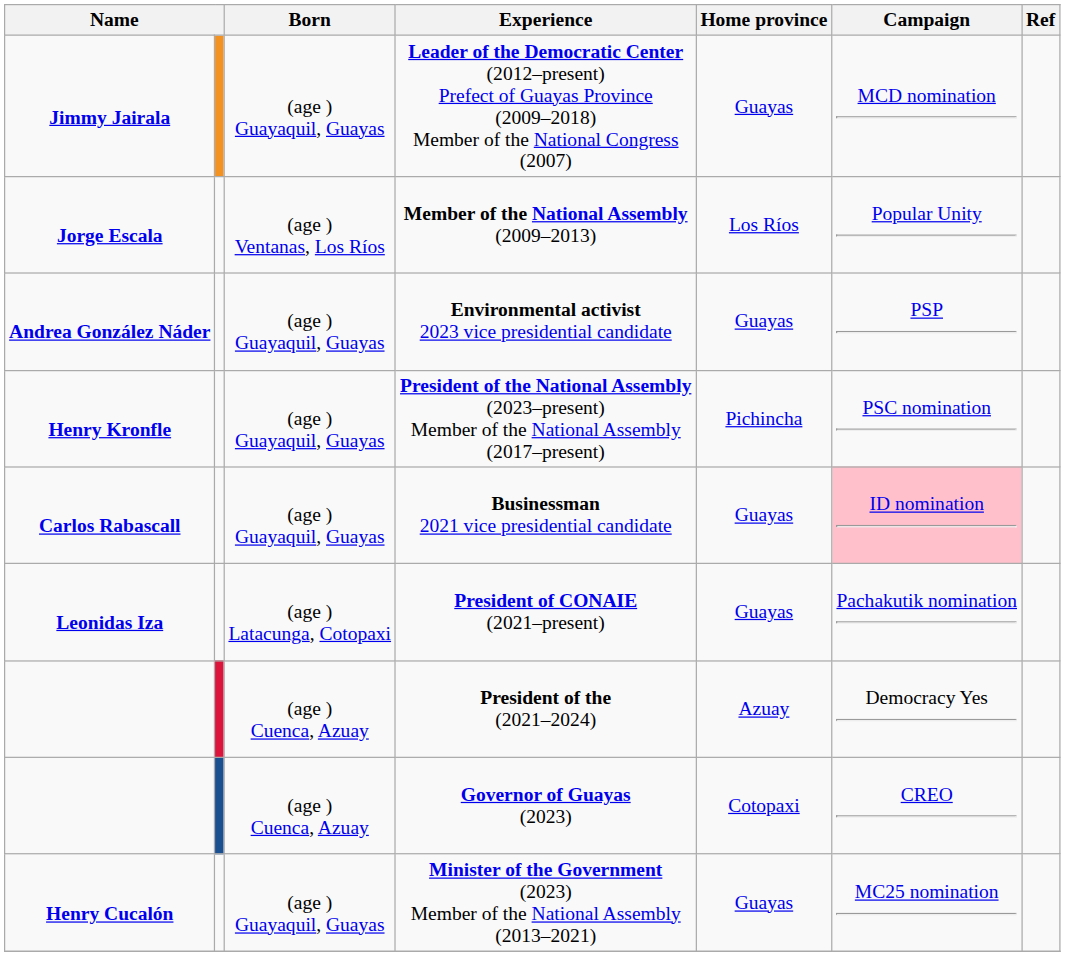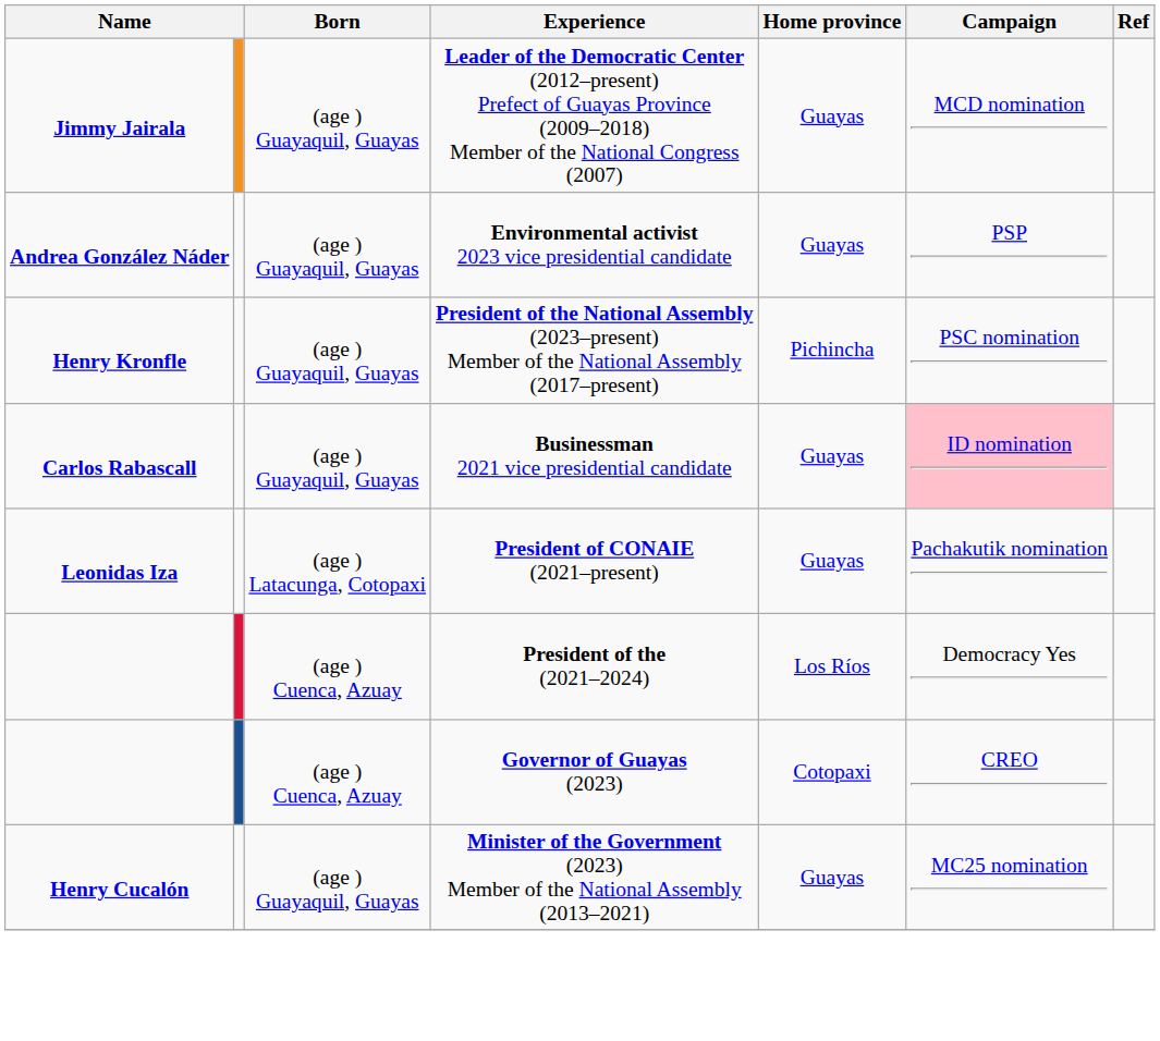 <table class="wikitable sortable" style="text-align:center;">
 <tr>
 <th scope="col" colspan=2>Name</th>
 <th>Born</th>
 <th class="unsortable">Experience</th>
 <th>Home province</th>
 <th>Campaign</th>
 <th>Ref</th>
 </tr>
 <tr>
 <td data-sort-value="Jairala, Jimmy"><br><strong><a href='#'>Jimmy Jairala</a></strong></td>
 <td style="background:#F39220;"></td>
 <td><br>(age )<br><a href='#'>Guayaquil</a>, <a href='#'>Guayas</a></td>
 <td><strong><a href='#'>Leader of the Democratic Center</a></strong><br>(2012–present)<br><a href='#'>Prefect of Guayas Province</a><br>(2009–2018)<br>Member of the <a href='#'>National Congress</a><br>(2007)</td>
 <td> <a href='#'>Guayas</a></td>
 <td><br> <a href='#'>MCD nomination</a><hr><br></td>
-<td></td>
-</tr>
-<tr>
-<td data-sort-value="Escala, Jorge"><br><strong><a href='#'>Jorge Escala</a></strong></td>
-<td style="background:"></td>
-<td><br>(age )<br><a href='#'>Ventanas</a>, <a href='#'>Los Ríos</a></td>
-<td><strong>Member of the <a href='#'>National Assembly</a></strong><br>(2009–2013)</td>
-<td> <a href='#'>Los Ríos</a></td>
-<td><br> <a href='#'>Popular Unity</a><hr><br></td>
 <td></td>
 </tr>
 <tr>
 <td data-sort-value="Gonzalez Nader, Andrea"><br><strong><a href='#'>Andrea González Náder</a></strong></td>
 <td style="background:"></td>
 <td><br>(age )<br><a href='#'>Guayaquil</a>, <a href='#'>Guayas</a></td>
 <td><strong>Environmental activist</strong><br><a href='#'>2023 vice presidential candidate</a></td>
 <td> <a href='#'>Guayas</a></td>
 <td><br> <a href='#'>PSP</a><hr><br></td>
 <td></td>
 </tr>
 <tr>
 <td data-sort-value="Kronfle, Henry"><br><strong><a href='#'>Henry Kronfle</a></strong></td>
 <td style="background:"></td>
 <td><br>(age )<br><a href='#'>Guayaquil</a>, <a href='#'>Guayas</a></td>
 <td><strong><a href='#'>President of the National Assembly</a></strong><br>(2023–present)<br>Member of the <a href='#'>National Assembly</a><br>(2017–present)</td>
 <td> <a href='#'>Pichincha</a></td>
 <td><br> <a href='#'>PSC nomination</a><hr><br></td>
 <td></td>
 </tr>
 <tr>
 <td data-sort-value="Rabascall, Carlos"><br><strong><a href='#'>Carlos Rabascall</a></strong></td>
 <td style="background:"></td>
 <td><br>(age )<br><a href='#'>Guayaquil</a>, <a href='#'>Guayas</a></td>
 <td><strong>Businessman</strong><br><a href='#'>2021 vice presidential candidate</a></td>
 <td> <a href='#'>Guayas</a></td>
 <td style="background: pink;"><br> <a href='#'>ID nomination</a><hr><br></td>
 <td></td>
 </tr>
 <tr>
 <td data-sort-value="Iza, Leonidas"><br><strong><a href='#'>Leonidas Iza</a></strong></td>
 <td style="background:"></td>
 <td><br>(age )<br><a href='#'>Latacunga</a>, <a href='#'>Cotopaxi</a></td>
 <td><strong><a href='#'>President of CONAIE</a></strong><br>(2021–present)</td>
 <td> <a href='#'>Guayas</a></td>
 <td><br> <a href='#'>Pachakutik nomination</a><hr><br></td>
 <td></td>
 </tr>
 <tr>
 <td data-sort-value="Saquicela, Iván"><br><strong></strong></td>
 <td style="background:#DC143C;"></td>
 <td><br>(age )<br><a href='#'>Cuenca</a>, <a href='#'>Azuay</a></td>
 <td><strong>President of the </strong> <br>(2021–2024)</td>
-<td> <a href='#'>Azuay</a></td>
+<td> <a href='#'>Los Ríos</a></td>
 <td><br> Democracy Yes<hr><br></td>
 <td></td>
 </tr>
 <tr>
 <td data-sort-value="Tabacchi, Francesco"><br><strong></strong></td>
 <td style="background:#1B5090;"></td>
 <td><br>(age )<br><a href='#'>Cuenca</a>, <a href='#'>Azuay</a></td>
 <td><strong><a href='#'>Governor of Guayas</a></strong> <br>(2023)</td>
 <td> <a href='#'>Cotopaxi</a></td>
 <td><br> <a href='#'>CREO</a><hr><br></td>
 <td></td>
 </tr>
 <tr>
 <td data-sort-value="Cucalon, Henry"><br><strong><a href='#'>Henry Cucalón</a></strong></td>
 <td style="background:"></td>
 <td><br>(age )<br><a href='#'>Guayaquil</a>, <a href='#'>Guayas</a></td>
 <td><strong><a href='#'>Minister of the Government</a></strong><br>(2023)<br>Member of the <a href='#'>National Assembly</a><br>(2013–2021)</td>
 <td> <a href='#'>Guayas</a></td>
 <td><br> <a href='#'>MC25 nomination</a><hr><br></td>
 <td></td>
 </tr>
 <tr>
 </tr>
 </table>
